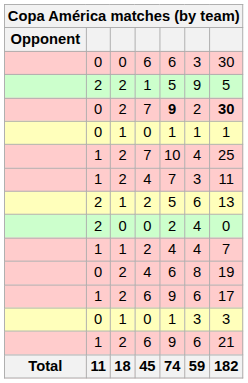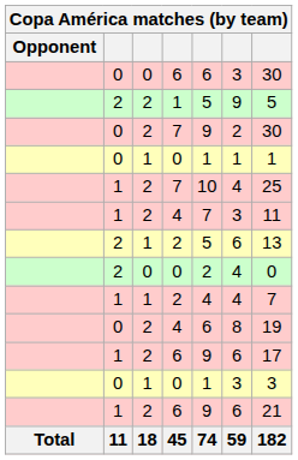 <table class="wikitable sortable" style="text-align: center;">
 <tr>
 <th colspan=7>Copa América matches (by team)</th>
 </tr>
 <tr>
 <th>Opponent</th>
 <th></th>
 <th></th>
 <th></th>
 <th></th>
 <th></th>
 <th></th>
 </tr>
 <tr style="background:#fcc">
 <td align="left"></td>
 <td>0</td>
 <td>0</td>
 <td>6</td>
 <td>6</td>
 <td>3</td>
 <td>30</td>
 </tr>
 <tr style="background:#cfc">
 <td align="left"></td>
 <td>2</td>
 <td>2</td>
 <td>1</td>
 <td>5</td>
 <td>9</td>
 <td>5</td>
 </tr>
 <tr style="background:#fcc">
 <td align="left"></td>
 <td>0</td>
 <td>2</td>
 <td>7</td>
-<td><strong>9</strong></td>
+<td>9</td>
 <td>2</td>
-<td><strong>30</strong></td>
+<td>30</td>
 </tr>
 <tr style="background:#ffffbb">
 <td align="left"></td>
 <td>0</td>
 <td>1</td>
 <td>0</td>
 <td>1</td>
 <td>1</td>
 <td>1</td>
 </tr>
 <tr style="background:#fcc">
 <td align="left"></td>
 <td>1</td>
 <td>2</td>
 <td>7</td>
 <td>10</td>
 <td>4</td>
 <td>25</td>
 </tr>
 <tr style="background:#fcc">
 <td align="left"></td>
 <td>1</td>
 <td>2</td>
 <td>4</td>
 <td>7</td>
 <td>3</td>
 <td>11</td>
 </tr>
 <tr style="background:#ffffbb">
 <td align="left"></td>
 <td>2</td>
 <td>1</td>
 <td>2</td>
 <td>5</td>
 <td>6</td>
 <td>13</td>
 </tr>
 <tr style="background:#cfc">
 <td align="left"></td>
 <td>2</td>
 <td>0</td>
 <td>0</td>
 <td>2</td>
 <td>4</td>
 <td>0</td>
 </tr>
 <tr style="background:#fcc">
 <td align="left"></td>
 <td>1</td>
 <td>1</td>
 <td>2</td>
 <td>4</td>
 <td>4</td>
 <td>7</td>
 </tr>
 <tr style="background:#fcc">
 <td align="left"></td>
 <td>0</td>
 <td>2</td>
 <td>4</td>
 <td>6</td>
 <td>8</td>
 <td>19</td>
 </tr>
 <tr style="background:#fcc">
 <td align="left"></td>
 <td>1</td>
 <td>2</td>
 <td>6</td>
 <td>9</td>
 <td>6</td>
 <td>17</td>
 </tr>
 <tr style="background:#ffffbb">
 <td align="left"></td>
 <td>0</td>
 <td>1</td>
 <td>0</td>
 <td>1</td>
 <td>3</td>
 <td>3</td>
 </tr>
 <tr style="background:#fcc">
 <td align="left"></td>
 <td>1</td>
 <td>2</td>
 <td>6</td>
 <td>9</td>
 <td>6</td>
 <td>21</td>
 </tr>
 <tr style="background:#fcc">
 <th align="left">Total</th>
 <th>11</th>
 <th>18</th>
 <th>45</th>
 <th>74</th>
 <th>59</th>
 <th>182</th>
 </tr>
 </table>
